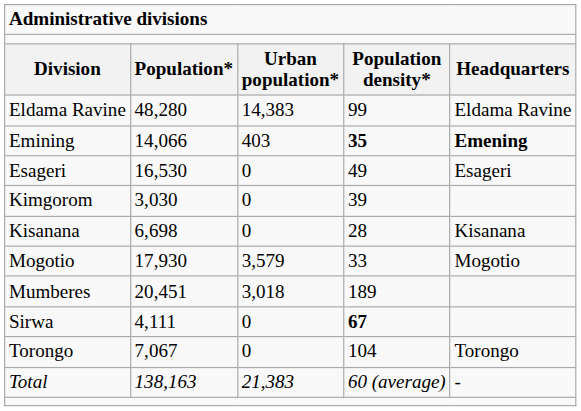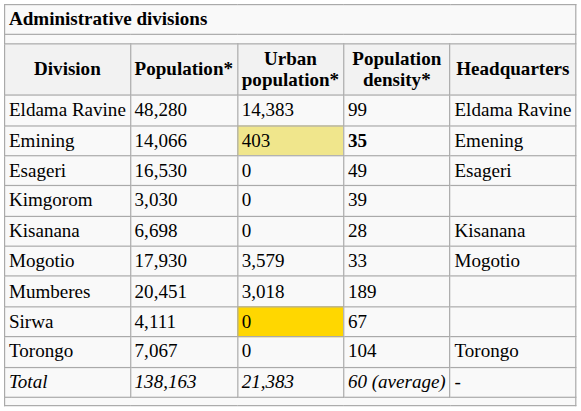 <table class="wikitable">
 <tr>
 <td colspan="5"><strong>Administrative divisions</strong></td>
 </tr>
 <tr>
 <td colspan="5"></td>
 </tr>
 <tr>
 <th>Division</th>
 <th>Population*</th>
 <th>Urban<br>population*</th>
 <th>Population<br>density*</th>
 <th>Headquarters</th>
 </tr>
 <tr>
 <td>Eldama Ravine</td>
 <td>48,280</td>
 <td>14,383</td>
 <td>99</td>
 <td>Eldama Ravine</td>
 </tr>
 <tr>
 <td>Emining</td>
 <td>14,066</td>
-<td>403</td>
+<td style="background: khaki;">403</td>
 <td><strong>35</strong></td>
-<td><strong>Emening</strong></td>
+<td>Emening</td>
 </tr>
 <tr>
 <td>Esageri</td>
 <td>16,530</td>
 <td>0</td>
 <td>49</td>
 <td>Esageri</td>
 </tr>
 <tr>
 <td>Kimgorom</td>
 <td>3,030</td>
 <td>0</td>
 <td>39</td>
 <td></td>
 </tr>
 <tr>
 <td>Kisanana</td>
 <td>6,698</td>
 <td>0</td>
 <td>28</td>
 <td>Kisanana</td>
 </tr>
 <tr>
 <td>Mogotio</td>
 <td>17,930</td>
 <td>3,579</td>
 <td>33</td>
 <td>Mogotio</td>
 </tr>
 <tr>
 <td>Mumberes</td>
 <td>20,451</td>
 <td>3,018</td>
 <td>189</td>
 <td></td>
 </tr>
 <tr>
 <td>Sirwa</td>
 <td>4,111</td>
-<td>0</td>
-<td><strong>67</strong></td>
+<td style="background: gold;">0</td>
+<td>67</td>
 <td></td>
 </tr>
 <tr>
 <td>Torongo</td>
 <td>7,067</td>
 <td>0</td>
 <td>104</td>
 <td>Torongo</td>
 </tr>
 <tr>
 <td><em>Total</em></td>
 <td><em>138,163</em></td>
 <td><em>21,383</em></td>
 <td><em>60 (average)</em></td>
 <td>-</td>
 </tr>
 <tr>
 <td colspan="5"></td>
 </tr>
 </table>
